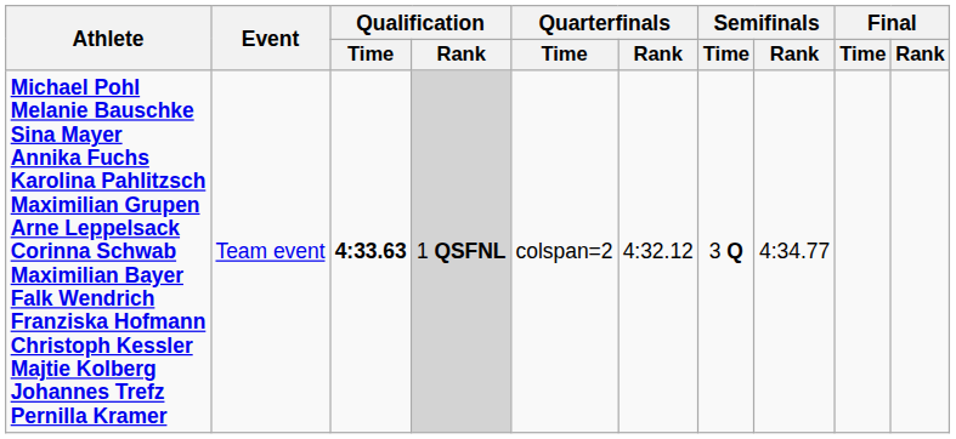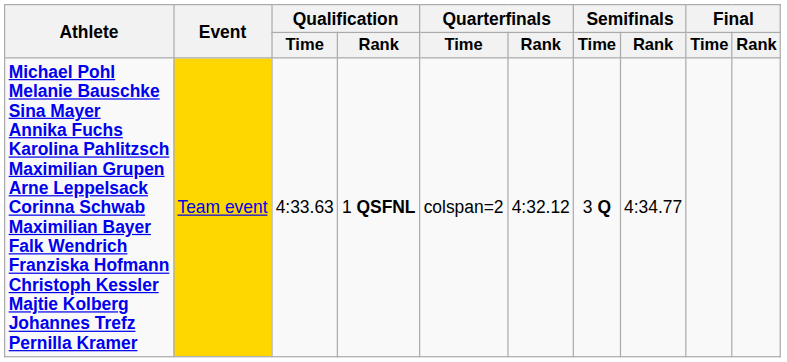 <table class="wikitable" style="text-align:center; font-size:90%">
 <tr>
 <th rowspan=2>Athlete</th>
 <th rowspan=2>Event</th>
 <th colspan=2>Qualification</th>
 <th colspan=2>Quarterfinals</th>
 <th colspan=2>Semifinals</th>
 <th colspan=2>Final</th>
 </tr>
 <tr style="font-size:95%">
 <th>Time</th>
 <th>Rank</th>
 <th>Time</th>
 <th>Rank</th>
 <th>Time</th>
 <th>Rank</th>
 <th>Time</th>
 <th>Rank</th>
 </tr>
 <tr>
 <td align=left><strong><a href='#'>Michael Pohl</a><br><a href='#'>Melanie Bauschke</a><br><a href='#'>Sina Mayer</a><br><a href='#'>Annika Fuchs</a><br><a href='#'>Karolina Pahlitzsch</a><br><a href='#'>Maximilian Grupen</a><br><a href='#'>Arne Leppelsack</a><br><a href='#'>Corinna Schwab</a><br><a href='#'>Maximilian Bayer</a><br><a href='#'>Falk Wendrich</a><br><a href='#'>Franziska Hofmann</a><br><a href='#'>Christoph Kessler</a><br><a href='#'>Majtie Kolberg</a><br><a href='#'>Johannes Trefz</a><br><a href='#'>Pernilla Kramer</a></strong></td>
-<td align=left><a href='#'>Team event</a></td>
-<td><strong>4:33.63</strong></td>
-<td style="background: lightgrey;">1 <strong>QSFNL</strong></td>
+<td align=left style="background: gold;"><a href='#'>Team event</a></td>
+<td>4:33.63</td>
+<td>1 <strong>QSFNL</strong></td>
 <td>colspan=2 </td>
 <td>4:32.12</td>
 <td>3 <strong>Q</strong></td>
 <td>4:34.77</td>
 <td></td>
 </tr>
 </table>
